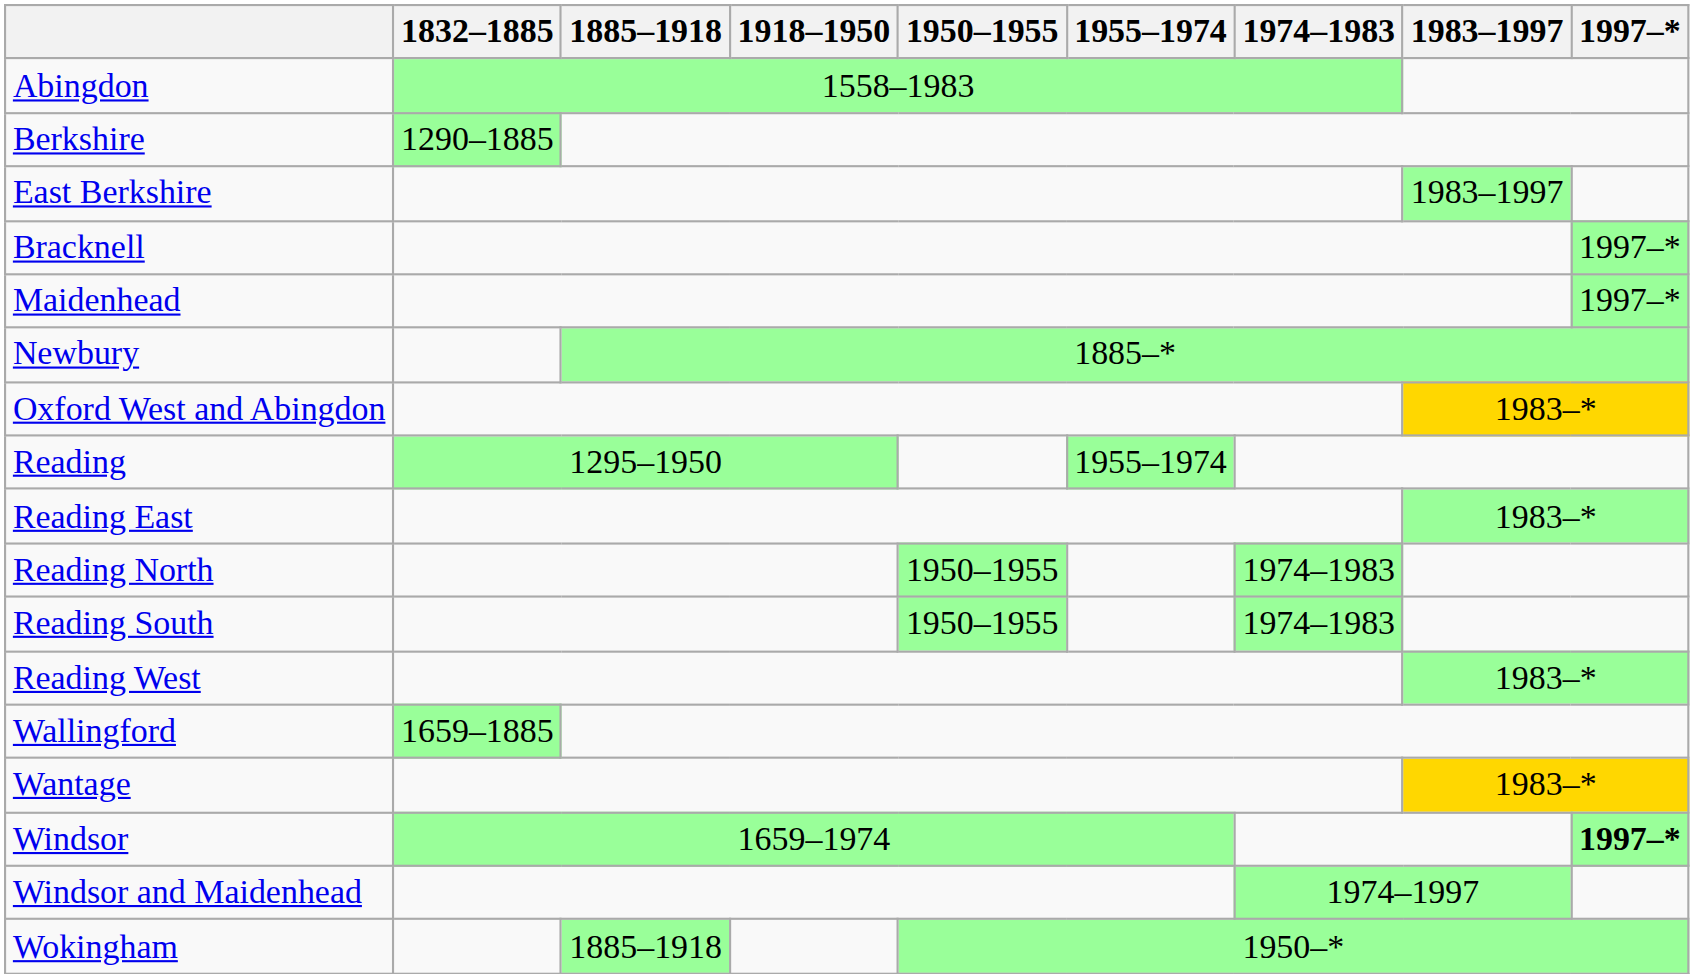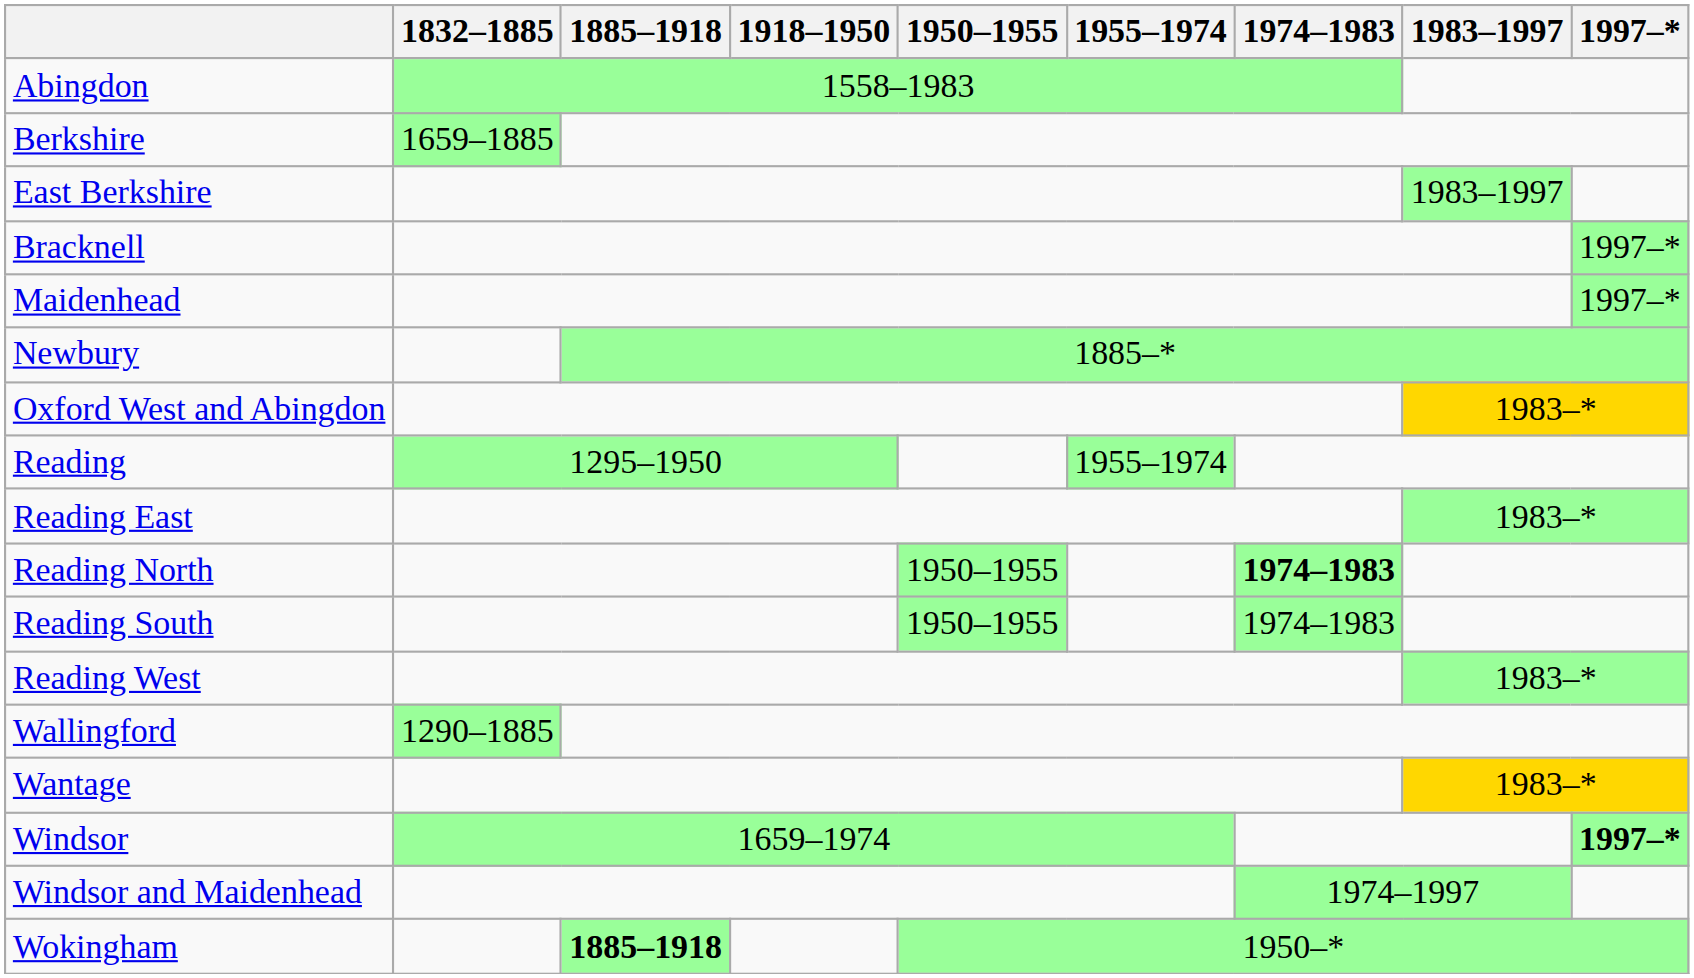 <table class="wikitable">
 <tr>
 <th> </th>
 <th>1832–1885</th>
 <th>1885–1918</th>
 <th>1918–1950</th>
 <th>1950–1955</th>
 <th>1955–1974</th>
 <th>1974–1983</th>
 <th>1983–1997</th>
 <th>1997–*</th>
 </tr>
 <tr>
 <td><a href='#'>Abingdon</a></td>
 <td colspan="6" align="center" bgcolor="#99FF99">1558–1983</td>
 <td colspan="2"> </td>
 </tr>
 <tr>
 <td><a href='#'>Berkshire</a></td>
-<td colspan="1" align="center" bgcolor="#99FF99">1290–1885</td>
+<td colspan="1" align="center" bgcolor="#99FF99">1659–1885</td>
 <td colspan="7"> </td>
 </tr>
 <tr>
 <td><a href='#'>East Berkshire</a></td>
 <td colspan="6"> </td>
 <td colspan="1" align="center" bgcolor="#99FF99">1983–1997</td>
 <td colspan="1"> </td>
 </tr>
 <tr>
 <td><a href='#'>Bracknell</a></td>
 <td colspan="7"> </td>
 <td colspan="1" align="center" bgcolor="#99FF99">1997–*</td>
 </tr>
 <tr>
 <td><a href='#'>Maidenhead</a></td>
 <td colspan="7"> </td>
 <td colspan="1" align="center" bgcolor="#99FF99">1997–*</td>
 </tr>
 <tr>
 <td><a href='#'>Newbury</a></td>
 <td colspan="1"> </td>
 <td colspan="7" align="center" bgcolor="#99FF99">1885–*</td>
 </tr>
 <tr>
 <td><a href='#'>Oxford West and Abingdon</a></td>
 <td colspan="6"> </td>
 <td colspan="2" align="center" bgcolor="#ffd700">1983–*</td>
 </tr>
 <tr>
 <td><a href='#'>Reading</a></td>
 <td colspan="3" align="center" bgcolor="#99FF99">1295–1950</td>
 <td colspan="1"> </td>
 <td colspan="1" align="center" bgcolor="#99FF99">1955–1974</td>
 <td colspan="3"> </td>
 </tr>
 <tr>
 <td><a href='#'>Reading East</a></td>
 <td colspan="6"> </td>
 <td colspan="2" align="center" bgcolor="#99FF99">1983–*</td>
 </tr>
 <tr>
 <td><a href='#'>Reading North</a></td>
 <td colspan="3"> </td>
 <td colspan="1" align="center" bgcolor="#99FF99">1950–1955</td>
 <td colspan="1"> </td>
-<td colspan="1" align="center" bgcolor="#99FF99">1974–1983</td>
+<td colspan="1" align="center" bgcolor="#99FF99"><strong>1974–1983</strong></td>
 <td colspan="2"> </td>
 </tr>
 <tr>
 <td><a href='#'>Reading South</a></td>
 <td colspan="3"> </td>
 <td colspan="1" align="center" bgcolor="#99FF99">1950–1955</td>
 <td colspan="1"> </td>
 <td colspan="1" align="center" bgcolor="#99FF99">1974–1983</td>
 <td colspan="2"> </td>
 </tr>
 <tr>
 <td><a href='#'>Reading West</a></td>
 <td colspan="6"> </td>
 <td colspan="2" align="center" bgcolor="#99FF99">1983–*</td>
 </tr>
 <tr>
 <td><a href='#'>Wallingford</a></td>
-<td colspan="1" align="center" bgcolor="#99FF99">1659–1885</td>
+<td colspan="1" align="center" bgcolor="#99FF99">1290–1885</td>
 <td colspan="7"> </td>
 </tr>
 <tr>
 <td><a href='#'>Wantage</a></td>
 <td colspan="6"> </td>
 <td colspan="2" align="center" bgcolor="#ffd700">1983–*</td>
 </tr>
 <tr>
 <td><a href='#'>Windsor</a></td>
 <td colspan="5" align="center" bgcolor="#99FF99">1659–1974</td>
 <td colspan="2"> </td>
 <td colspan="1" align="center" bgcolor="#99FF99"><strong>1997–*</strong></td>
 </tr>
 <tr>
 <td><a href='#'>Windsor and Maidenhead</a></td>
 <td colspan="5"> </td>
 <td colspan="2" align="center" bgcolor="#99FF99">1974–1997</td>
 <td colspan="1"> </td>
 </tr>
 <tr>
 <td><a href='#'>Wokingham</a></td>
 <td colspan="1"> </td>
-<td colspan="1" align="center" bgcolor="#99FF99">1885–1918</td>
+<td colspan="1" align="center" bgcolor="#99FF99"><strong>1885–1918</strong></td>
 <td colspan="1"> </td>
 <td colspan="5" align="center" bgcolor="#99FF99">1950–*</td>
 </tr>
 <tr>
 </tr>
 </table>
